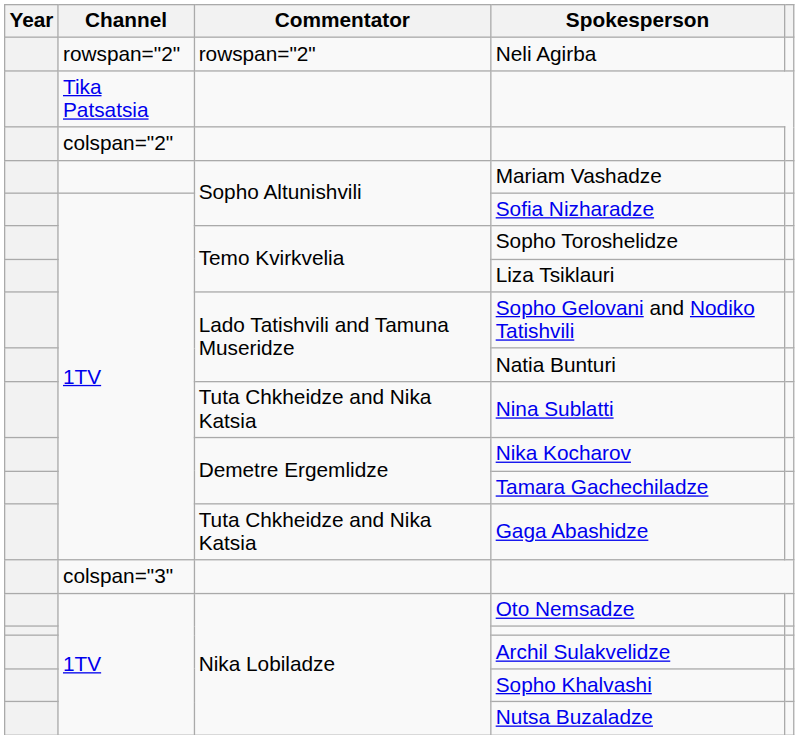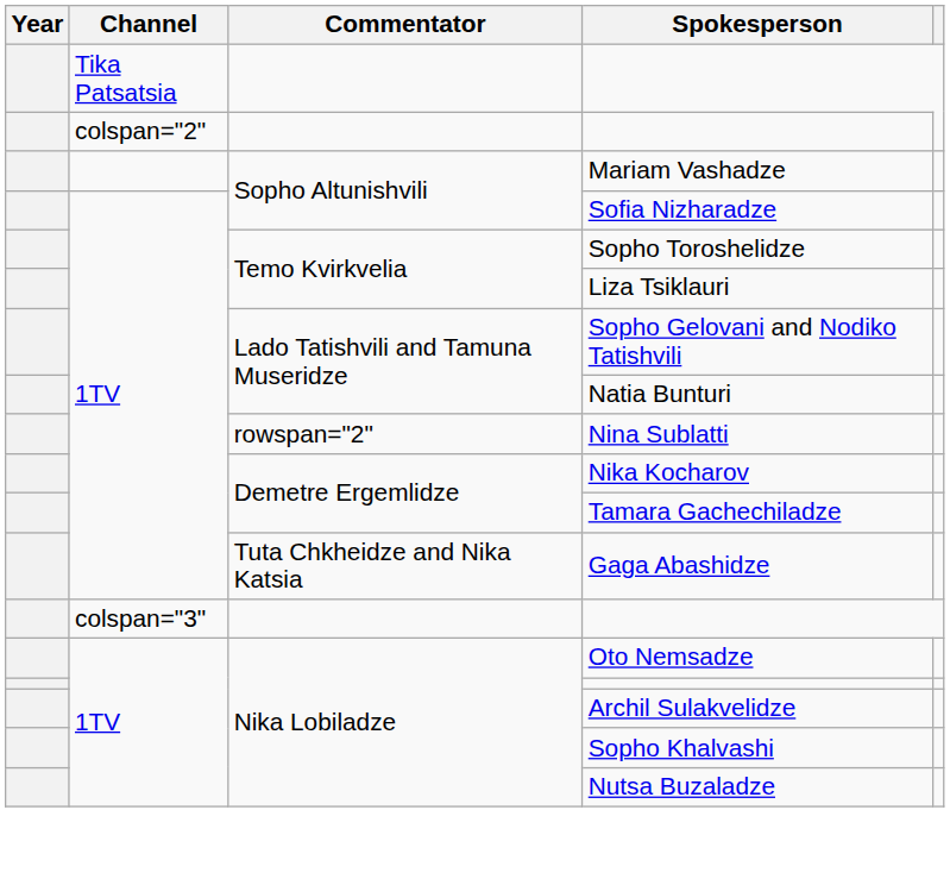 <table class="wikitable sortable plainrowheaders">
 <tr>
 <th>Year</th>
 <th>Channel</th>
 <th>Commentator</th>
 <th>Spokesperson</th>
 <th class="unsortable"></th>
-</tr>
-<tr>
-<th scope="row"></th>
-<td>rowspan="2" </td>
-<td>rowspan="2" </td>
-<td>Neli Agirba</td>
-<td></td>
 </tr>
 <tr>
 <th scope="row"></th>
 <td><a href='#'>Tika Patsatsia</a></td>
 <td></td>
 </tr>
 <tr>
 <th scope="row"></th>
 <td>colspan="2" </td>
 <td></td>
 <td></td>
 </tr>
 <tr>
 <th scope="row"></th>
 <td></td>
 <td rowspan="2">Sopho Altunishvili</td>
 <td>Mariam Vashadze</td>
 <td></td>
 </tr>
 <tr>
 <th scope="row"></th>
 <td rowspan="9"><a href='#'>1TV</a></td>
 <td><a href='#'>Sofia Nizharadze</a></td>
 <td></td>
 </tr>
 <tr>
 <th scope="row"></th>
 <td rowspan="2">Temo Kvirkvelia</td>
 <td>Sopho Toroshelidze</td>
 <td></td>
 </tr>
 <tr>
 <th scope="row"></th>
 <td>Liza Tsiklauri</td>
 <td></td>
 </tr>
 <tr>
 <th scope="row"></th>
 <td rowspan="2">Lado Tatishvili and Tamuna Museridze</td>
 <td><a href='#'>Sopho Gelovani</a> and <a href='#'>Nodiko Tatishvili</a></td>
 <td></td>
 </tr>
 <tr>
 <th scope="row"></th>
 <td>Natia Bunturi</td>
 <td></td>
 </tr>
 <tr>
 <th scope="row"></th>
-<td>Tuta Chkheidze and Nika Katsia</td>
+<td>rowspan="2" </td>
 <td><a href='#'>Nina Sublatti</a></td>
 <td></td>
 </tr>
 <tr>
 <th scope="row"></th>
 <td rowspan="2">Demetre Ergemlidze</td>
 <td><a href='#'>Nika Kocharov</a></td>
 <td></td>
 </tr>
 <tr>
 <th scope="row"></th>
 <td><a href='#'>Tamara Gachechiladze</a></td>
 <td></td>
 </tr>
 <tr>
 <th scope="row"></th>
 <td>Tuta Chkheidze and Nika Katsia</td>
 <td><a href='#'>Gaga Abashidze</a></td>
 <td></td>
 </tr>
 <tr>
 <th scope="row"></th>
 <td>colspan="3" </td>
 <td></td>
 </tr>
 <tr>
 <th scope="row"></th>
 <td rowspan="5"><a href='#'>1TV</a></td>
 <td rowspan="5">Nika Lobiladze</td>
 <td><a href='#'>Oto Nemsadze</a></td>
 <td></td>
 </tr>
 <tr>
 <th scope="row"></th>
 <td></td>
 <td></td>
 </tr>
 <tr>
 <th scope="row"></th>
 <td><a href='#'>Archil Sulakvelidze</a></td>
 <td></td>
 </tr>
 <tr>
 <th scope="row"></th>
 <td><a href='#'>Sopho Khalvashi</a></td>
 <td></td>
 </tr>
 <tr>
 <th scope="row"></th>
 <td><a href='#'>Nutsa Buzaladze</a></td>
 <td></td>
 </tr>
 </table>
